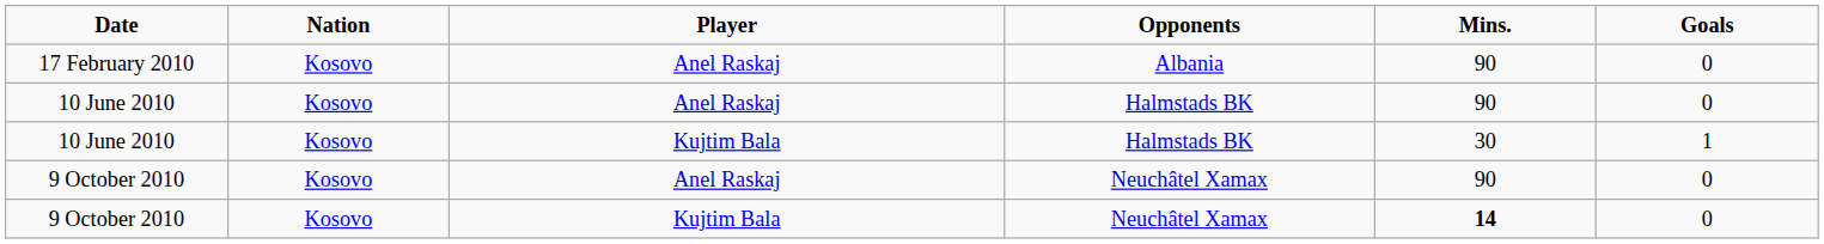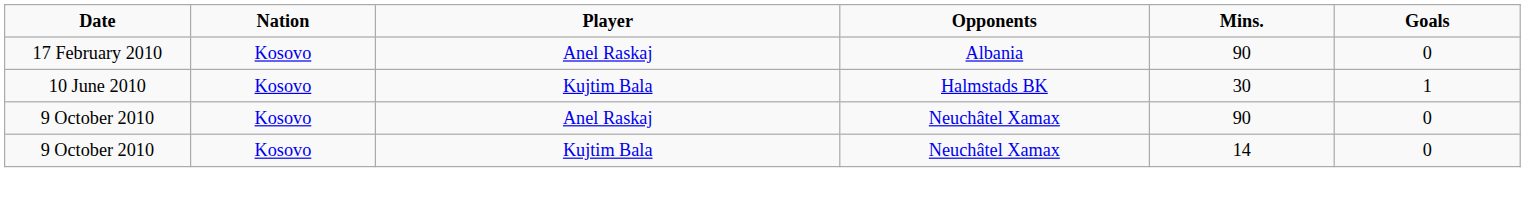 <table class= width=90% border="2" cellpadding="4" cellspacing="0" style="text-align=center: 1em 1em 1em 0; background: #f9f9f9; border: 1px #aaa solid; border-collapse: collapse; font-size: 95%;">
 <tr>
 <th width=6%>Date</th>
 <th width=6%>Nation</th>
 <th width=15%>Player</th>
 <th width=10%>Opponents</th>
 <th width=6%>Mins.</th>
 <th width=6%>Goals</th>
 </tr>
 <tr>
 <td align=center>17 February 2010</td>
 <td align=center> <a href='#'>Kosovo</a></td>
 <td align=center><a href='#'>Anel Raskaj</a></td>
 <td align=center> <a href='#'>Albania</a></td>
-<td align=center>90</td>
-<td align=center>0</td>
-</tr>
-<tr>
-<td align=center>10 June 2010</td>
-<td align=center> <a href='#'>Kosovo</a></td>
-<td align=center><a href='#'>Anel Raskaj</a></td>
-<td align=center> <a href='#'>Halmstads BK</a></td>
 <td align=center>90</td>
 <td align=center>0</td>
 </tr>
 <tr>
 <td align=center>10 June 2010</td>
 <td align=center> <a href='#'>Kosovo</a></td>
 <td align=center><a href='#'>Kujtim Bala</a></td>
 <td align=center> <a href='#'>Halmstads BK</a></td>
 <td align=center>30</td>
 <td align=center>1</td>
 </tr>
 <tr>
 <td align=center>9 October 2010</td>
 <td align=center> <a href='#'>Kosovo</a></td>
 <td align=center><a href='#'>Anel Raskaj</a></td>
 <td align=center> <a href='#'>Neuchâtel Xamax</a></td>
 <td align=center>90</td>
 <td align=center>0</td>
 </tr>
 <tr>
 <td align=center>9 October 2010</td>
 <td align=center> <a href='#'>Kosovo</a></td>
 <td align=center><a href='#'>Kujtim Bala</a></td>
 <td align=center> <a href='#'>Neuchâtel Xamax</a></td>
-<td align=center><strong>14</strong></td>
+<td align=center>14</td>
 <td align=center>0</td>
 </tr>
 </table>
